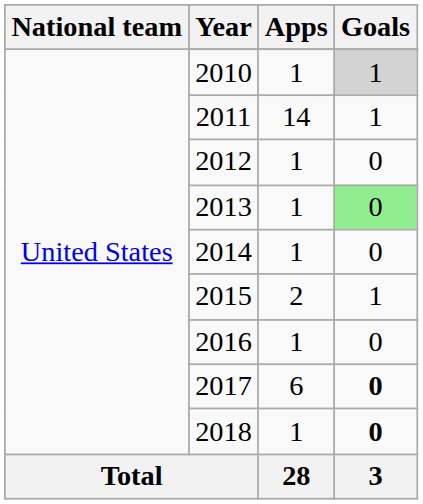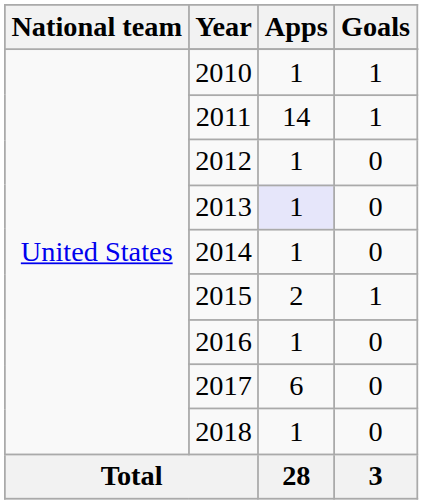 <table class="wikitable" style="text-align: center">
 <tr>
 <th>National team</th>
 <th>Year</th>
 <th>Apps</th>
 <th>Goals</th>
 </tr>
 <tr>
 <td rowspan="10"><a href='#'>United States</a></td>
 </tr>
 <tr>
 <td>2010</td>
 <td>1</td>
-<td style="background: lightgrey;">1</td>
+<td>1</td>
 </tr>
 <tr>
 <td>2011</td>
 <td>14</td>
 <td>1</td>
 </tr>
 <tr>
 <td>2012</td>
 <td>1</td>
 <td>0</td>
 </tr>
 <tr>
 <td>2013</td>
-<td>1</td>
-<td style="background: lightgreen;">0</td>
+<td style="background: lavender;">1</td>
+<td>0</td>
 </tr>
 <tr>
 <td>2014</td>
 <td>1</td>
 <td>0</td>
 </tr>
 <tr>
 <td>2015</td>
 <td>2</td>
 <td>1</td>
 </tr>
 <tr>
 <td>2016</td>
 <td>1</td>
 <td>0</td>
 </tr>
 <tr>
 <td>2017</td>
 <td>6</td>
-<td><strong>0</strong></td>
+<td>0</td>
 </tr>
 <tr>
 <td>2018</td>
 <td>1</td>
-<td><strong>0</strong></td>
+<td>0</td>
 </tr>
 <tr>
 <th colspan=2>Total</th>
 <th>28</th>
 <th>3</th>
 </tr>
 </table>
